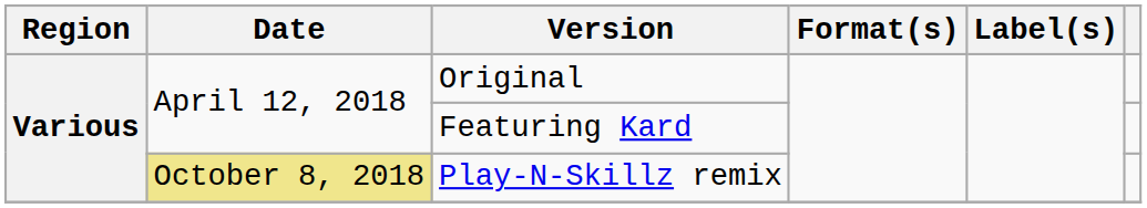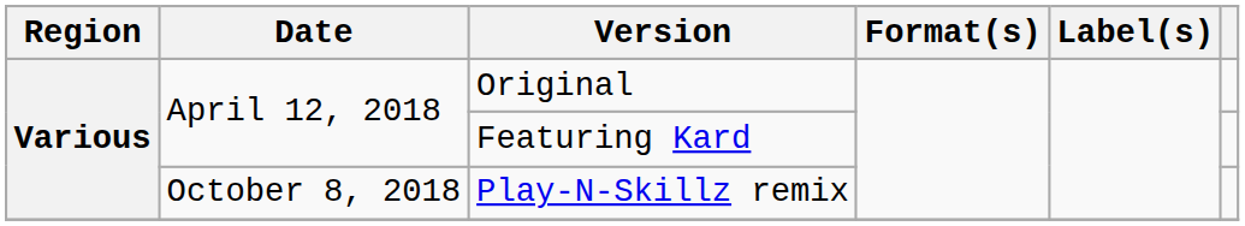 <table class="wikitable plainrowheaders">
 <tr>
 <th scope="col">Region</th>
 <th scope="col">Date</th>
 <th scope="col">Version</th>
 <th scope="col">Format(s)</th>
 <th scope="col">Label(s)</th>
 <th scope="col"></th>
 </tr>
 <tr>
 <th rowspan="3" scope="row">Various</th>
 <td rowspan="2">April 12, 2018</td>
 <td>Original</td>
 <td rowspan="3"></td>
 <td rowspan="3"></td>
 <td style="text-align:center"></td>
 </tr>
 <tr>
 <td>Featuring <a href='#'>Kard</a></td>
 <td style="text-align:center"></td>
 </tr>
 <tr>
-<td style="background: khaki;">October 8, 2018</td>
+<td>October 8, 2018</td>
 <td><a href='#'>Play-N-Skillz</a> remix</td>
 <td style="text-align:center"></td>
 </tr>
 <tr>
 </tr>
 </table>
